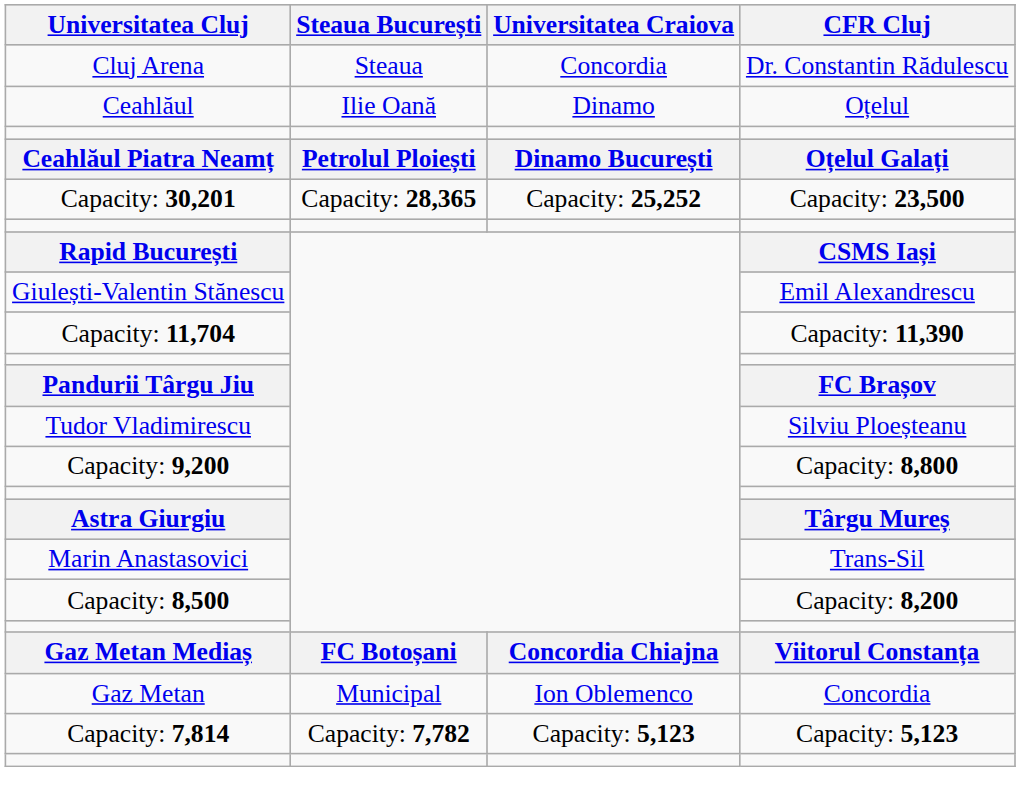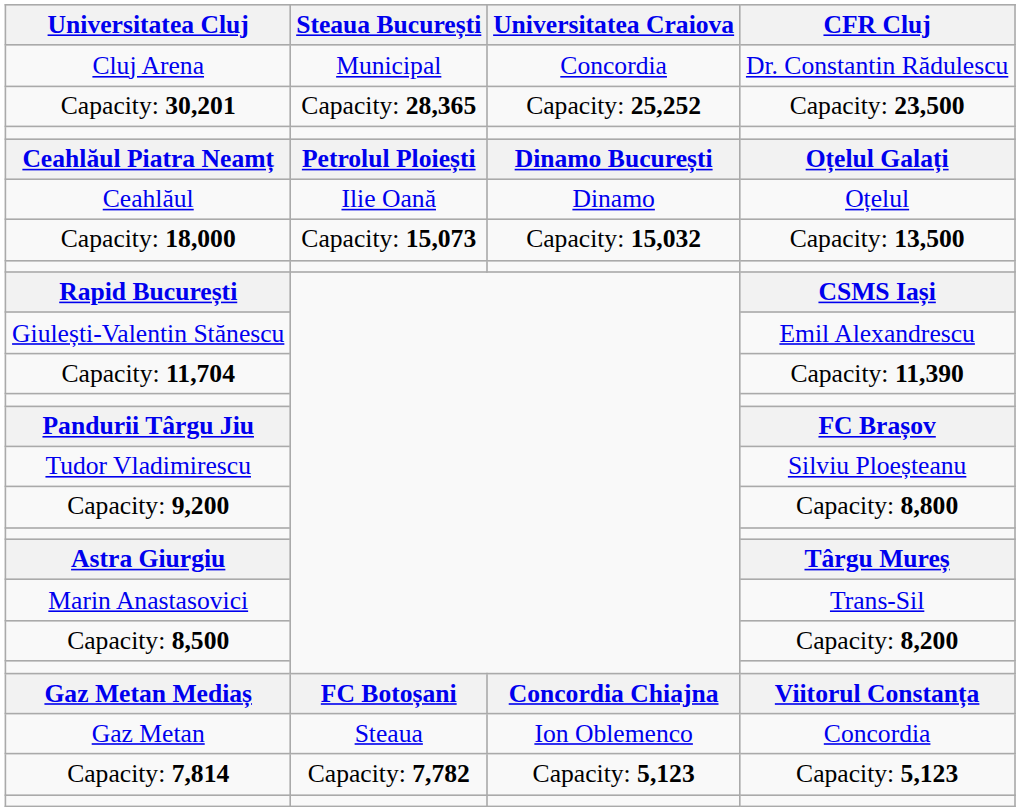 <table class="wikitable" style="text-align:center;margin:0.5em auto;">
 <tr>
 <th><a href='#'>Universitatea Cluj</a></th>
 <th><a href='#'>Steaua București</a></th>
 <th><a href='#'>Universitatea Craiova</a></th>
 <th><a href='#'>CFR Cluj</a></th>
 </tr>
 <tr>
 <td><a href='#'>Cluj Arena</a></td>
-<td><a href='#'>Steaua</a></td>
+<td><a href='#'>Municipal</a></td>
 <td><a href='#'>Concordia</a></td>
 <td><a href='#'>Dr. Constantin Rădulescu</a></td>
 </tr>
 <tr>
-<td><a href='#'>Ceahlăul</a></td>
-<td><a href='#'>Ilie Oană</a></td>
-<td><a href='#'>Dinamo</a></td>
-<td><a href='#'>Oțelul</a></td>
+<td>Capacity: <strong>30,201</strong></td>
+<td>Capacity: <strong>28,365</strong></td>
+<td>Capacity: <strong>25,252</strong></td>
+<td>Capacity: <strong>23,500</strong></td>
 </tr>
 <tr>
 <td></td>
 <td></td>
 <td></td>
 <td></td>
 </tr>
 <tr>
 <th><a href='#'>Ceahlăul Piatra Neamț</a></th>
 <th><a href='#'>Petrolul Ploiești</a></th>
 <th><a href='#'>Dinamo București</a></th>
 <th><a href='#'>Oțelul Galați</a></th>
 </tr>
 <tr>
-<td>Capacity: <strong>30,201</strong></td>
-<td>Capacity: <strong>28,365</strong></td>
-<td>Capacity: <strong>25,252</strong></td>
-<td>Capacity: <strong>23,500</strong></td>
+<td><a href='#'>Ceahlăul</a></td>
+<td><a href='#'>Ilie Oană</a></td>
+<td><a href='#'>Dinamo</a></td>
+<td><a href='#'>Oțelul</a></td>
+</tr>
+<tr>
+<td>Capacity: <strong>18,000</strong></td>
+<td>Capacity: <strong>15,073</strong></td>
+<td>Capacity: <strong>15,032</strong></td>
+<td>Capacity: <strong>13,500</strong></td>
 </tr>
 <tr>
 <td></td>
 <td></td>
 <td></td>
 <td></td>
 </tr>
 <tr>
 <th><a href='#'>Rapid București</a></th>
 <td colspan="2" rowspan="12"><br> </td>
 <th><a href='#'>CSMS Iași</a></th>
 </tr>
 <tr>
 <td><a href='#'>Giulești-Valentin Stănescu</a></td>
 <td><a href='#'>Emil Alexandrescu</a></td>
 </tr>
 <tr>
 <td>Capacity: <strong>11,704</strong></td>
 <td>Capacity: <strong>11,390</strong></td>
 </tr>
 <tr>
 <td></td>
 <td></td>
 </tr>
 <tr>
 <th><a href='#'>Pandurii Târgu Jiu</a></th>
 <th><a href='#'>FC Brașov</a></th>
 </tr>
 <tr>
 <td><a href='#'>Tudor Vladimirescu</a></td>
 <td><a href='#'>Silviu Ploeșteanu</a></td>
 </tr>
 <tr>
 <td>Capacity: <strong>9,200</strong></td>
 <td>Capacity: <strong>8,800</strong></td>
 </tr>
 <tr>
 <td></td>
 <td></td>
 </tr>
 <tr>
 <th><a href='#'>Astra Giurgiu</a></th>
 <th><a href='#'>Târgu Mureș</a></th>
 </tr>
 <tr>
 <td><a href='#'>Marin Anastasovici</a></td>
 <td><a href='#'>Trans-Sil</a></td>
 </tr>
 <tr>
 <td>Capacity: <strong>8,500</strong></td>
 <td>Capacity: <strong>8,200</strong></td>
 </tr>
 <tr>
 <td></td>
 <td></td>
 </tr>
 <tr>
 <th><a href='#'>Gaz Metan Mediaș</a></th>
 <th><a href='#'>FC Botoșani</a></th>
 <th><a href='#'>Concordia Chiajna</a></th>
 <th><a href='#'>Viitorul Constanța</a></th>
 </tr>
 <tr>
 <td><a href='#'>Gaz Metan</a></td>
-<td><a href='#'>Municipal</a></td>
+<td><a href='#'>Steaua</a></td>
 <td><a href='#'>Ion Oblemenco</a></td>
 <td><a href='#'>Concordia</a></td>
 </tr>
 <tr>
 <td>Capacity: <strong>7,814</strong></td>
 <td>Capacity: <strong>7,782</strong></td>
 <td>Capacity: <strong>5,123</strong></td>
 <td>Capacity: <strong>5,123</strong></td>
 </tr>
 <tr>
 <td></td>
 <td></td>
 <td></td>
 <td></td>
 </tr>
 </table>
